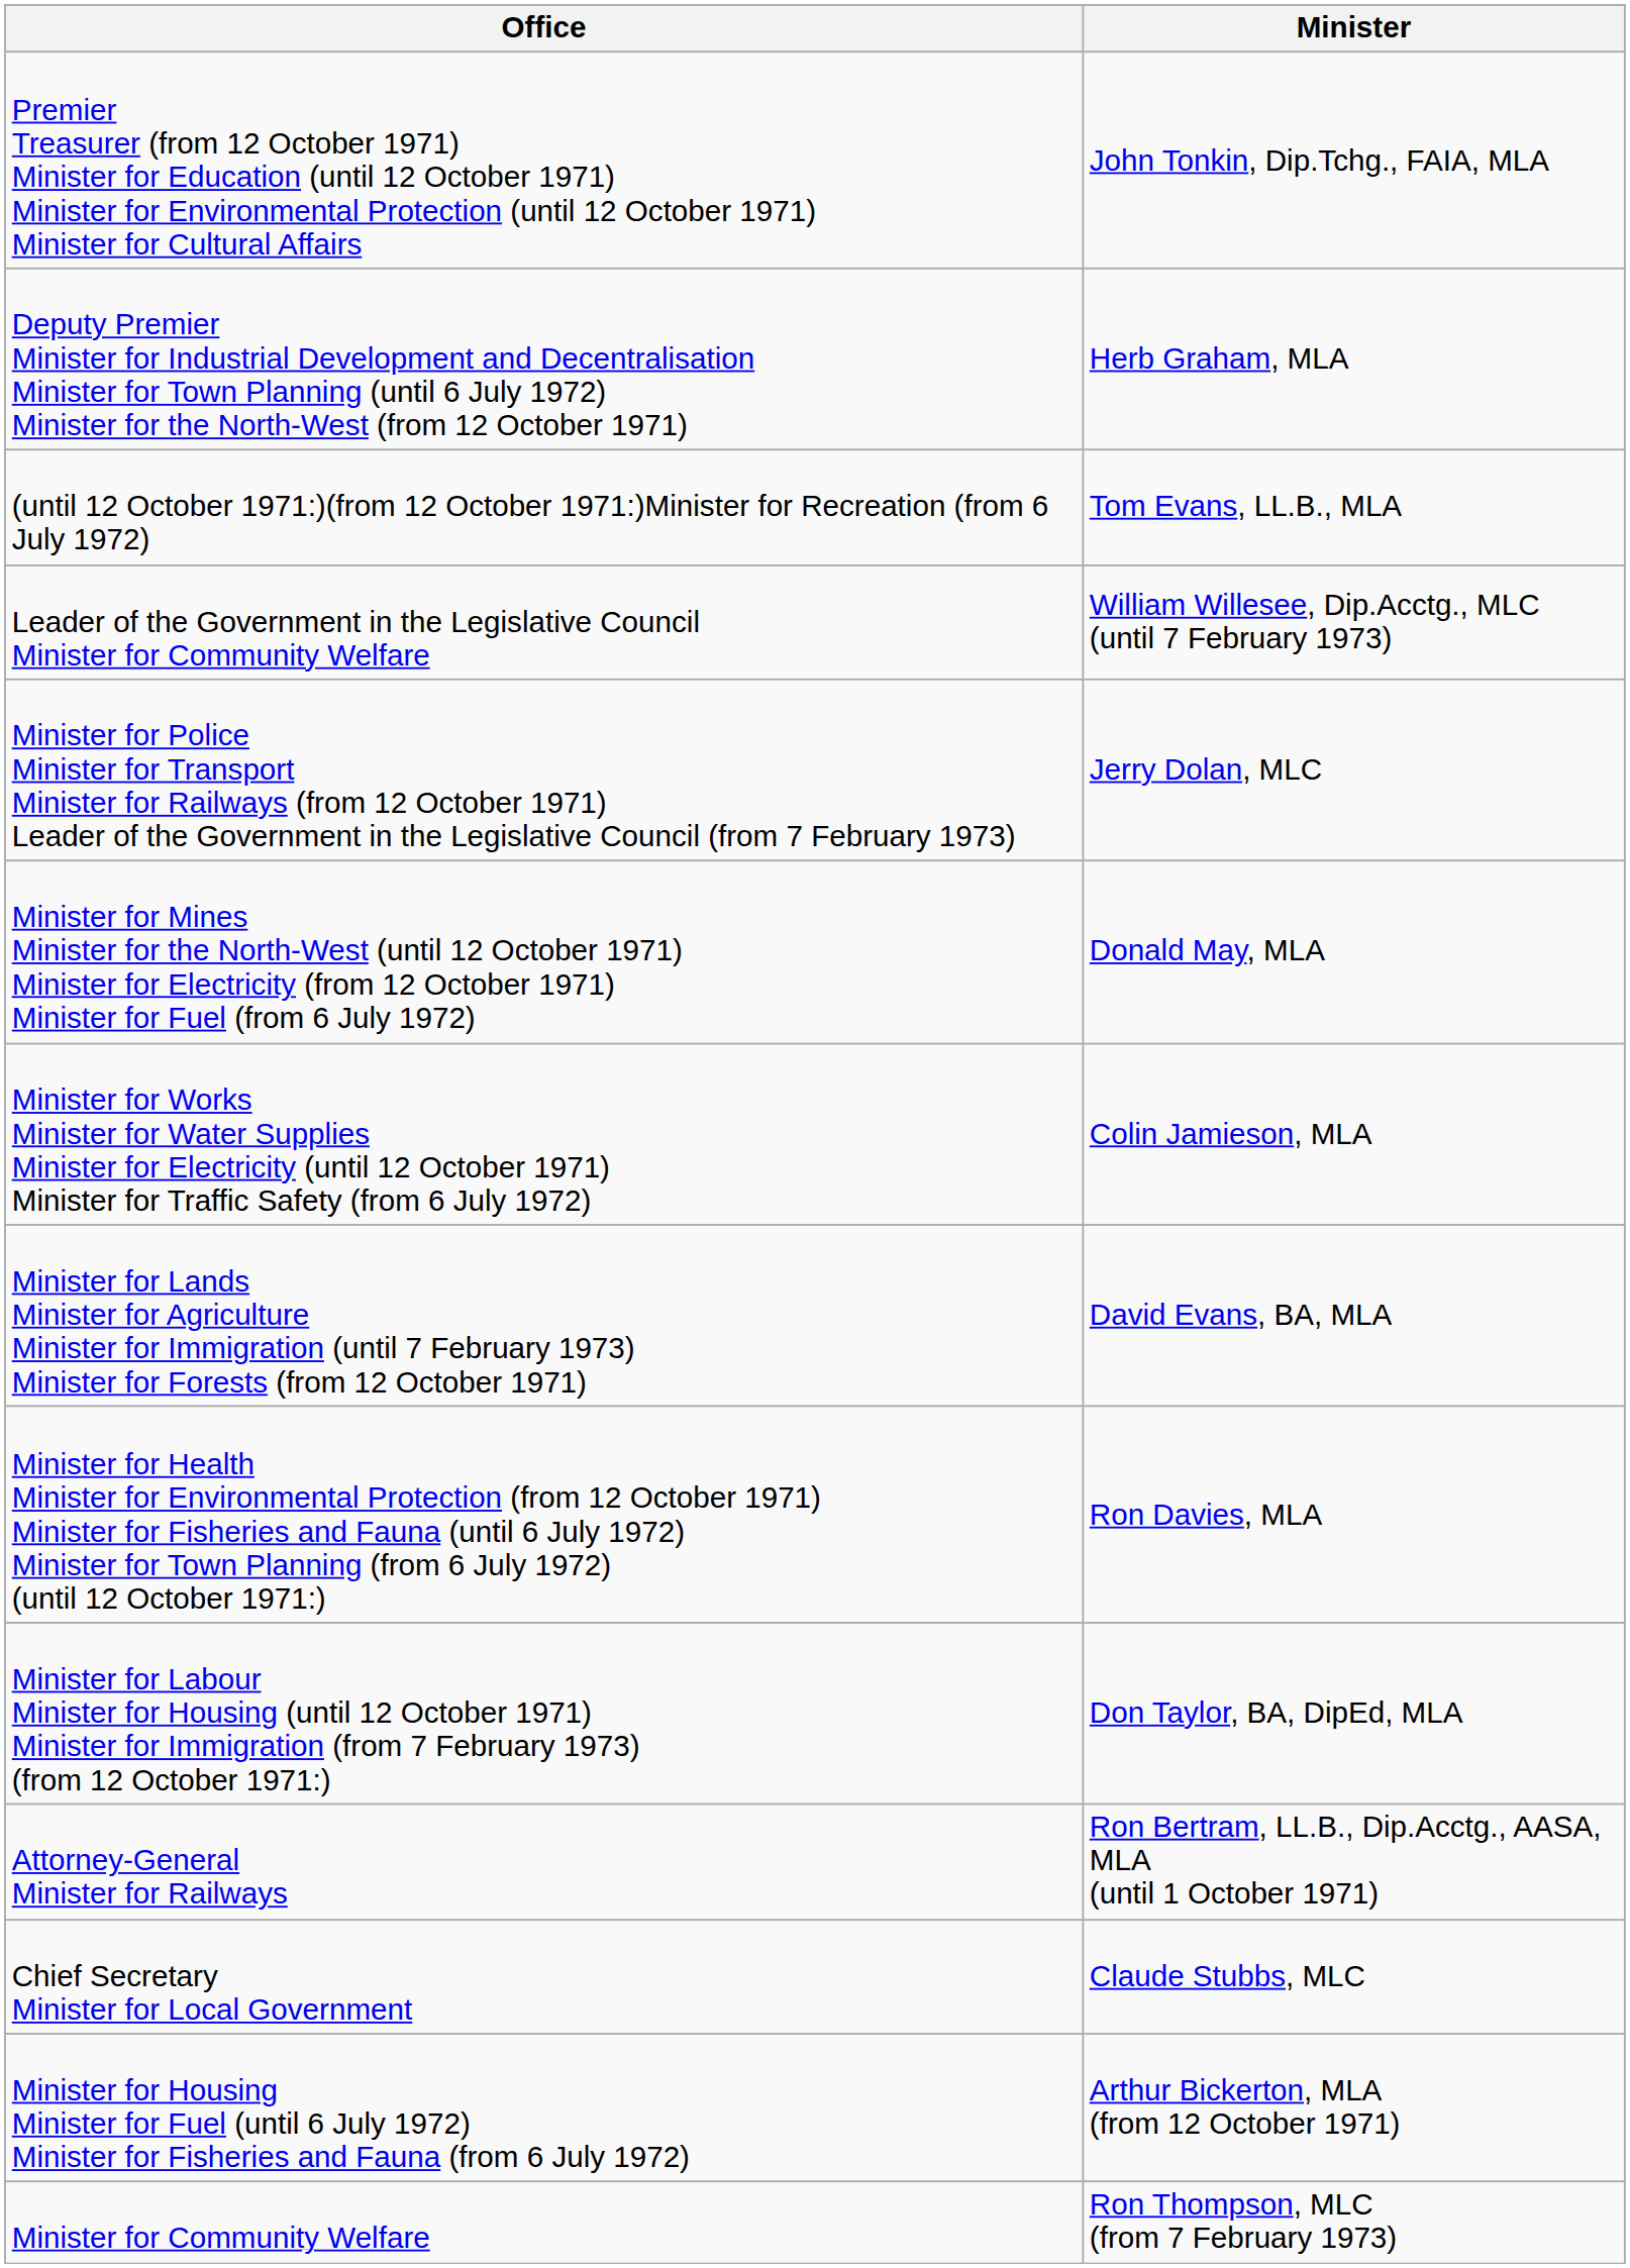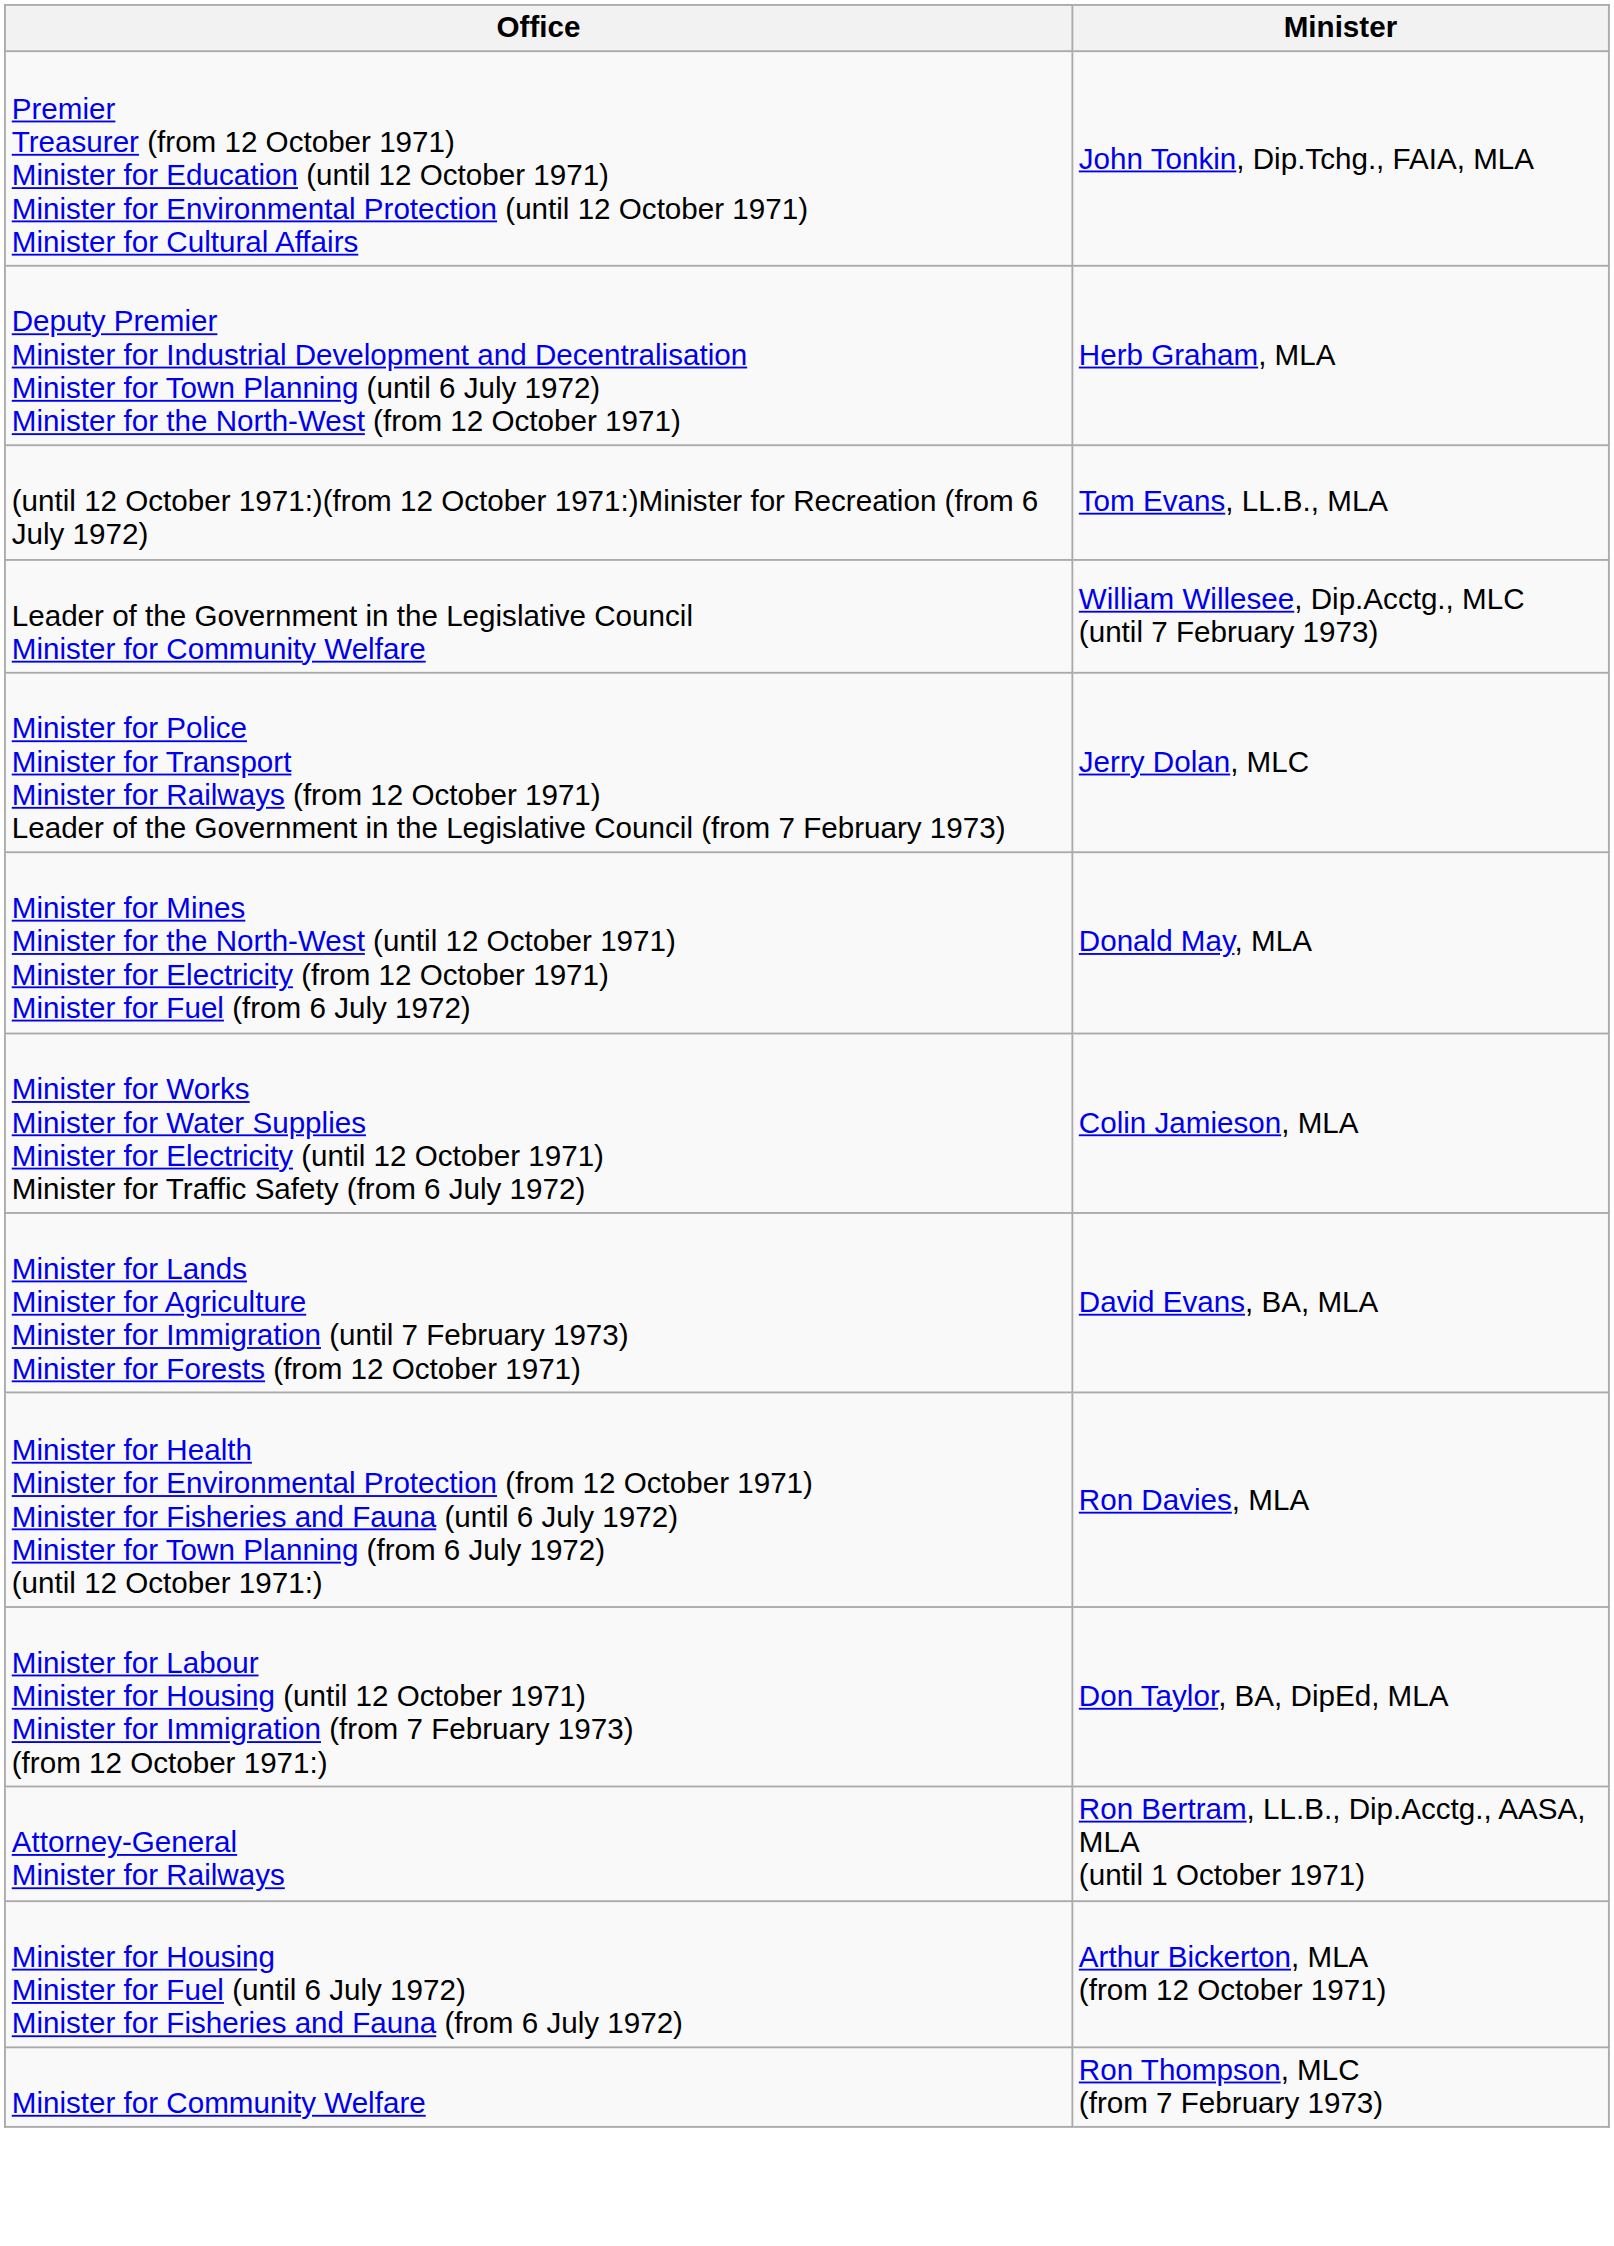 <table class="wikitable">
 <tr>
 <th>Office</th>
 <th>Minister</th>
 </tr>
 <tr>
 <td><br><a href='#'>Premier</a><br> <a href='#'>Treasurer</a> (from 12 October 1971)<br> <a href='#'>Minister for Education</a> (until 12 October 1971)<br> <a href='#'>Minister for Environmental Protection</a> (until 12 October 1971)<br> <a href='#'>Minister for Cultural Affairs</a><br></td>
 <td><a href='#'>John Tonkin</a>, Dip.Tchg., FAIA, MLA</td>
 </tr>
 <tr>
 <td><br><a href='#'>Deputy Premier</a><br> <a href='#'>Minister for Industrial Development and Decentralisation</a><br> <a href='#'>Minister for Town Planning</a> (until 6 July 1972)<br> <a href='#'>Minister for the North-West</a> (from 12 October 1971)<br></td>
 <td><a href='#'>Herb Graham</a>, MLA</td>
 </tr>
 <tr>
 <td><br>(until 12 October 1971:)(from 12 October 1971:)Minister for Recreation (from 6 July 1972)</td>
 <td><a href='#'>Tom Evans</a>, LL.B., MLA</td>
 </tr>
 <tr>
 <td><br>Leader of the Government in the Legislative Council<br> <a href='#'>Minister for Community Welfare</a><br></td>
 <td><a href='#'>William Willesee</a>, Dip.Acctg., MLC<br>(until 7 February 1973)</td>
 </tr>
 <tr>
 <td><br><a href='#'>Minister for Police</a><br> <a href='#'>Minister for Transport</a><br> <a href='#'>Minister for Railways</a> (from 12 October 1971)<br> Leader of the Government in the Legislative Council (from 7 February 1973)<br></td>
 <td><a href='#'>Jerry Dolan</a>, MLC</td>
 </tr>
 <tr>
 <td><br><a href='#'>Minister for Mines</a><br> <a href='#'>Minister for the North-West</a> (until 12 October 1971)<br> <a href='#'>Minister for Electricity</a> (from 12 October 1971)<br> <a href='#'>Minister for Fuel</a> (from 6 July 1972)<br></td>
 <td><a href='#'>Donald May</a>, MLA</td>
 </tr>
 <tr>
 <td><br><a href='#'>Minister for Works</a><br> <a href='#'>Minister for Water Supplies</a><br> <a href='#'>Minister for Electricity</a> (until 12 October 1971)<br> Minister for Traffic Safety (from 6 July 1972)</td>
 <td><a href='#'>Colin Jamieson</a>, MLA</td>
 </tr>
 <tr>
 <td><br><a href='#'>Minister for Lands</a><br> <a href='#'>Minister for Agriculture</a><br> <a href='#'>Minister for Immigration</a> (until 7 February 1973)<br> <a href='#'>Minister for Forests</a> (from 12 October 1971)<br></td>
 <td><a href='#'>David Evans</a>, BA, MLA</td>
 </tr>
 <tr>
 <td><br><a href='#'>Minister for Health</a><br> <a href='#'>Minister for Environmental Protection</a> (from 12 October 1971)<br> <a href='#'>Minister for Fisheries and Fauna</a> (until 6 July 1972)<br> <a href='#'>Minister for Town Planning</a> (from 6 July 1972)<br>(until 12 October 1971:)</td>
 <td><a href='#'>Ron Davies</a>, MLA</td>
 </tr>
 <tr>
 <td><br><a href='#'>Minister for Labour</a><br> <a href='#'>Minister for Housing</a> (until 12 October 1971)<br> <a href='#'>Minister for Immigration</a> (from 7 February 1973)<br>(from 12 October 1971:)</td>
 <td><a href='#'>Don Taylor</a>, BA, DipEd, MLA</td>
 </tr>
 <tr>
 <td><br><a href='#'>Attorney-General</a><br> <a href='#'>Minister for Railways</a><br></td>
 <td><a href='#'>Ron Bertram</a>, LL.B., Dip.Acctg., AASA, MLA<br>(until 1 October 1971)</td>
 </tr>
 <tr>
-<td><br>Chief Secretary<br> <a href='#'>Minister for Local Government</a><br></td>
-<td><a href='#'>Claude Stubbs</a>, MLC</td>
-</tr>
-<tr>
 <td><br><a href='#'>Minister for Housing</a><br> <a href='#'>Minister for Fuel</a> (until 6 July 1972)<br> <a href='#'>Minister for Fisheries and Fauna</a> (from 6 July 1972)<br></td>
 <td><a href='#'>Arthur Bickerton</a>, MLA<br>(from 12 October 1971)</td>
 </tr>
 <tr>
 <td><br><a href='#'>Minister for Community Welfare</a><br></td>
 <td><a href='#'>Ron Thompson</a>, MLC<br>(from 7 February 1973)</td>
 </tr>
 </table>
